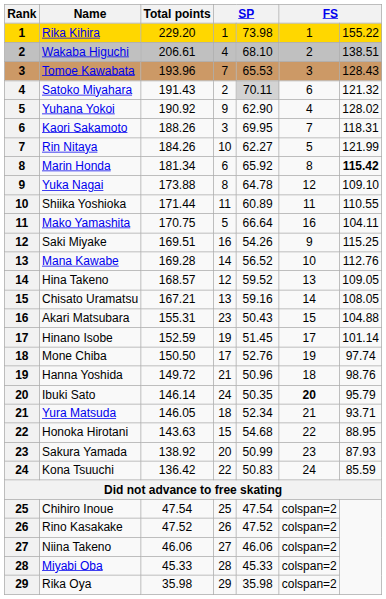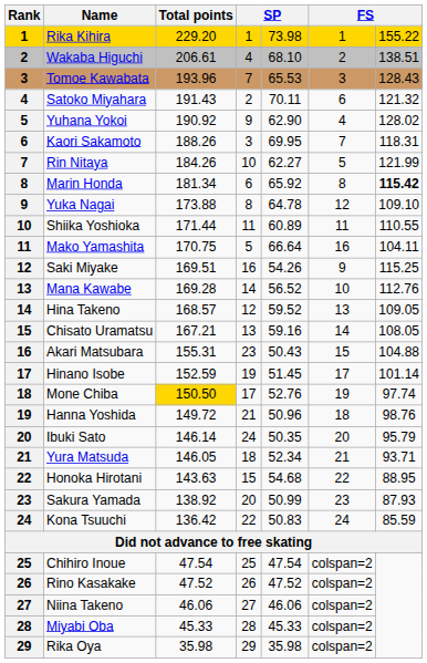 <table class="wikitable sortable">
 <tr>
 <th>Rank</th>
 <th>Name</th>
 <th>Total points</th>
 <th colspan="2" width="80px"><a href='#'>SP</a></th>
 <th colspan="2" width="80px"><a href='#'>FS</a></th>
 </tr>
 <tr bgcolor="gold">
 <td align="center"><strong>1</strong></td>
 <td><a href='#'>Rika Kihira</a></td>
 <td align="center">229.20</td>
 <td align="center">1</td>
 <td align="center">73.98</td>
 <td align="center">1</td>
 <td align="center">155.22</td>
 </tr>
 <tr bgcolor="silver">
 <td align="center"><strong>2</strong></td>
 <td><a href='#'>Wakaba Higuchi</a></td>
 <td align="center">206.61</td>
 <td align="center">4</td>
 <td align="center">68.10</td>
 <td align="center">2</td>
 <td align="center">138.51</td>
 </tr>
 <tr bgcolor="cc9966">
 <td align="center"><strong>3</strong></td>
 <td><a href='#'>Tomoe Kawabata</a></td>
 <td align="center">193.96</td>
 <td align="center">7</td>
 <td align="center">65.53</td>
 <td align="center">3</td>
 <td align="center">128.43</td>
 </tr>
 <tr>
 <th>4</th>
 <td><a href='#'>Satoko Miyahara</a></td>
 <td align="center">191.43</td>
 <td align="center">2</td>
-<td align="center" style="background: lightgrey;">70.11</td>
+<td align="center">70.11</td>
 <td align="center">6</td>
 <td align="center">121.32</td>
 </tr>
 <tr>
 <th>5</th>
 <td><a href='#'>Yuhana Yokoi</a></td>
 <td align="center">190.92</td>
 <td align="center">9</td>
 <td align="center">62.90</td>
 <td align="center">4</td>
 <td align="center">128.02</td>
 </tr>
 <tr>
 <th>6</th>
 <td><a href='#'>Kaori Sakamoto</a></td>
 <td align="center">188.26</td>
 <td align="center">3</td>
 <td align="center">69.95</td>
 <td align="center">7</td>
 <td align="center">118.31</td>
 </tr>
 <tr>
 <th>7</th>
 <td><a href='#'>Rin Nitaya</a></td>
 <td align="center">184.26</td>
 <td align="center">10</td>
 <td align="center">62.27</td>
 <td align="center">5</td>
 <td align="center">121.99</td>
 </tr>
 <tr>
 <th>8</th>
 <td><a href='#'>Marin Honda</a></td>
 <td align="center">181.34</td>
 <td align="center">6</td>
 <td align="center">65.92</td>
 <td align="center">8</td>
 <td align="center"><strong>115.42</strong></td>
 </tr>
 <tr>
 <th>9</th>
 <td><a href='#'>Yuka Nagai</a></td>
 <td align="center">173.88</td>
 <td align="center">8</td>
 <td align="center">64.78</td>
 <td align="center">12</td>
 <td align="center">109.10</td>
 </tr>
 <tr>
 <th>10</th>
 <td>Shiika Yoshioka</td>
 <td align="center">171.44</td>
 <td align="center">11</td>
 <td align="center">60.89</td>
 <td align="center">11</td>
 <td align="center">110.55</td>
 </tr>
 <tr>
 <th>11</th>
 <td><a href='#'>Mako Yamashita</a></td>
 <td align="center">170.75</td>
 <td align="center">5</td>
 <td align="center">66.64</td>
 <td align="center">16</td>
 <td align="center">104.11</td>
 </tr>
 <tr>
 <th>12</th>
 <td>Saki Miyake</td>
 <td align="center">169.51</td>
 <td align="center">16</td>
 <td align="center">54.26</td>
 <td align="center">9</td>
 <td align="center">115.25</td>
 </tr>
 <tr>
 <th>13</th>
 <td><a href='#'>Mana Kawabe</a></td>
 <td align="center">169.28</td>
 <td align="center">14</td>
 <td align="center">56.52</td>
 <td align="center">10</td>
 <td align="center">112.76</td>
 </tr>
 <tr>
 <th>14</th>
 <td>Hina Takeno</td>
 <td align="center">168.57</td>
 <td align="center">12</td>
 <td align="center">59.52</td>
 <td align="center">13</td>
 <td align="center">109.05</td>
 </tr>
 <tr>
 <th>15</th>
 <td>Chisato Uramatsu</td>
 <td align="center">167.21</td>
 <td align="center">13</td>
 <td align="center">59.16</td>
 <td align="center">14</td>
 <td align="center">108.05</td>
 </tr>
 <tr>
 <th>16</th>
 <td>Akari Matsubara</td>
 <td align="center">155.31</td>
 <td align="center">23</td>
 <td align="center">50.43</td>
 <td align="center">15</td>
 <td align="center">104.88</td>
 </tr>
 <tr>
 <th>17</th>
 <td>Hinano Isobe</td>
 <td align="center">152.59</td>
 <td align="center">19</td>
 <td align="center">51.45</td>
 <td align="center">17</td>
 <td align="center">101.14</td>
 </tr>
 <tr>
 <th>18</th>
 <td>Mone Chiba</td>
-<td align="center">150.50</td>
+<td align="center" style="background: gold;">150.50</td>
 <td align="center">17</td>
 <td align="center">52.76</td>
 <td align="center">19</td>
 <td align="center">97.74</td>
 </tr>
 <tr>
 <th>19</th>
 <td>Hanna Yoshida</td>
 <td align="center">149.72</td>
 <td align="center">21</td>
 <td align="center">50.96</td>
 <td align="center">18</td>
 <td align="center">98.76</td>
 </tr>
 <tr>
 <th>20</th>
 <td>Ibuki Sato</td>
 <td align="center">146.14</td>
 <td align="center">24</td>
 <td align="center">50.35</td>
-<td align="center"><strong>20</strong></td>
+<td align="center">20</td>
 <td align="center">95.79</td>
 </tr>
 <tr>
 <th>21</th>
 <td><a href='#'>Yura Matsuda</a></td>
 <td align="center">146.05</td>
 <td align="center">18</td>
 <td align="center">52.34</td>
 <td align="center">21</td>
 <td align="center">93.71</td>
 </tr>
 <tr>
 <th>22</th>
 <td>Honoka Hirotani</td>
 <td align="center">143.63</td>
 <td align="center">15</td>
 <td align="center">54.68</td>
 <td align="center">22</td>
 <td align="center">88.95</td>
 </tr>
 <tr>
 <th>23</th>
 <td>Sakura Yamada</td>
 <td align="center">138.92</td>
 <td align="center">20</td>
 <td align="center">50.99</td>
 <td align="center">23</td>
 <td align="center">87.93</td>
 </tr>
 <tr>
 <th>24</th>
 <td>Kona Tsuuchi</td>
 <td align="center">136.42</td>
 <td align="center">22</td>
 <td align="center">50.83</td>
 <td align="center">24</td>
 <td align="center">85.59</td>
 </tr>
 <tr>
 <th colspan=7>Did not advance to free skating</th>
 </tr>
 <tr>
 <th>25</th>
 <td>Chihiro Inoue</td>
 <td align="center">47.54</td>
 <td align="center">25</td>
 <td align="center">47.54</td>
 <td>colspan=2 </td>
 </tr>
 <tr>
 <th>26</th>
 <td>Rino Kasakake</td>
 <td align="center">47.52</td>
 <td align="center">26</td>
 <td align="center">47.52</td>
 <td>colspan=2 </td>
 </tr>
 <tr>
 <th>27</th>
 <td>Niina Takeno</td>
 <td align="center">46.06</td>
 <td align="center">27</td>
 <td align="center">46.06</td>
 <td>colspan=2 </td>
 </tr>
 <tr>
 <th>28</th>
 <td><a href='#'>Miyabi Oba</a></td>
 <td align="center">45.33</td>
 <td align="center">28</td>
 <td align="center">45.33</td>
 <td>colspan=2 </td>
 </tr>
 <tr>
 <th>29</th>
 <td>Rika Oya</td>
 <td align="center">35.98</td>
 <td align="center">29</td>
 <td align="center">35.98</td>
 <td>colspan=2 </td>
 </tr>
 </table>
